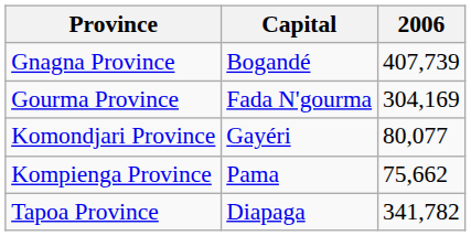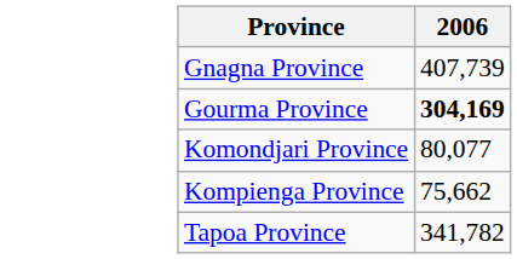 <table class="wikitable" | style="clear:right; float:right;">
 <tr>
 <th>Province</th>
-<th>Capital</th>
 <th>2006</th>
 </tr>
 <tr>
 <td><a href='#'>Gnagna Province</a></td>
-<td><a href='#'>Bogandé</a></td>
 <td>407,739</td>
 </tr>
 <tr>
 <td><a href='#'>Gourma Province</a></td>
-<td><a href='#'>Fada N'gourma</a></td>
-<td>304,169</td>
+<td><strong>304,169</strong></td>
 </tr>
 <tr>
 <td><a href='#'>Komondjari Province</a></td>
-<td><a href='#'>Gayéri</a></td>
 <td>80,077</td>
 </tr>
 <tr>
 <td><a href='#'>Kompienga Province</a></td>
-<td><a href='#'>Pama</a></td>
 <td>75,662</td>
 </tr>
 <tr>
 <td><a href='#'>Tapoa Province</a></td>
-<td><a href='#'>Diapaga</a></td>
 <td>341,782</td>
 </tr>
 </table>
